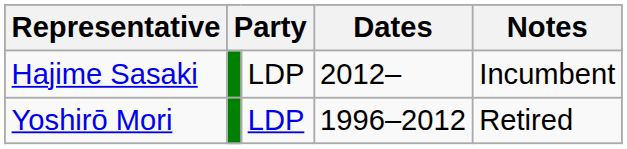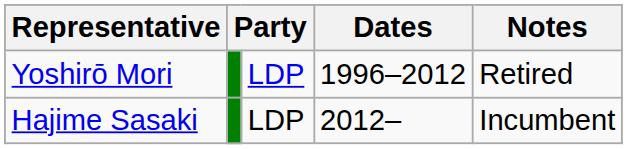 <table class=wikitable>
 <tr valign=bottom>
 <th>Representative</th>
 <th colspan="2">Party</th>
 <th>Dates</th>
 <th>Notes</th>
 </tr>
 <tr>
+<td><a href='#'>Yoshirō Mori</a></td>
+<td bgcolor=green></td>
+<td><a href='#'>LDP</a></td>
+<td>1996–2012</td>
+<td>Retired</td>
+</tr>
+<tr>
 <td><a href='#'>Hajime Sasaki</a></td>
 <td bgcolor=green></td>
 <td>LDP</td>
 <td>2012–</td>
 <td>Incumbent</td>
 </tr>
-<tr>
-<td><a href='#'>Yoshirō Mori</a></td>
-<td bgcolor=green></td>
-<td><a href='#'>LDP</a></td>
-<td>1996–2012</td>
-<td>Retired</td>
-</tr>
 </table>
